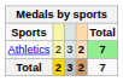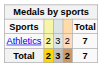 <table class=wikitable style="font-size:85%; float:right;text-align:center">
 <tr bgcolor=EFEFEF>
 <th colspan=7><strong>Medals by sports</strong></th>
 </tr>
 <tr>
 <td><strong>Sports</strong></td>
 <td bgcolor=F7F6A8></td>
 <td bgcolor=DCE5E5></td>
 <td bgcolor=FFDBA9></td>
 <td><strong>Total</strong></td>
 </tr>
 <tr>
 <td><a href='#'>Athletics</a></td>
 <td bgcolor=F7F6A8>2</td>
 <td bgcolor=DCE5E5>3</td>
-<td bgcolor=FFDAB9><strong>2</strong></td>
-<td style="background: lightgreen;"><strong>7</strong></td>
+<td bgcolor=FFDAB9>2</td>
+<td><strong>7</strong></td>
 </tr>
 <tr>
 <th><strong>Total</strong></th>
 <td style="background:gold;"><strong>2</strong></td>
 <td style="background:silver;"><strong>3</strong></td>
 <td style="background:#c96;"><strong>2</strong></td>
 <td><strong>7</strong></td>
 </tr>
 </table>
